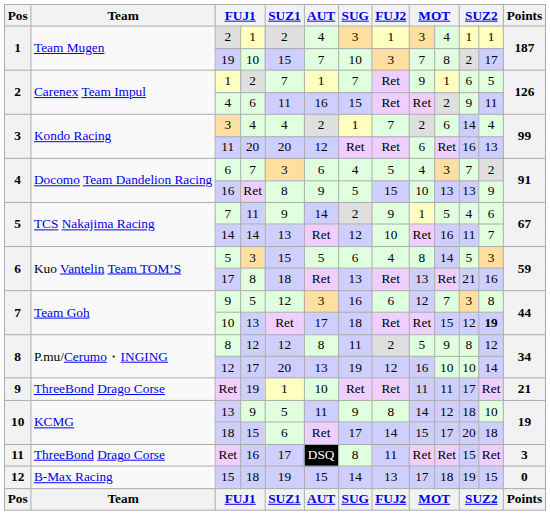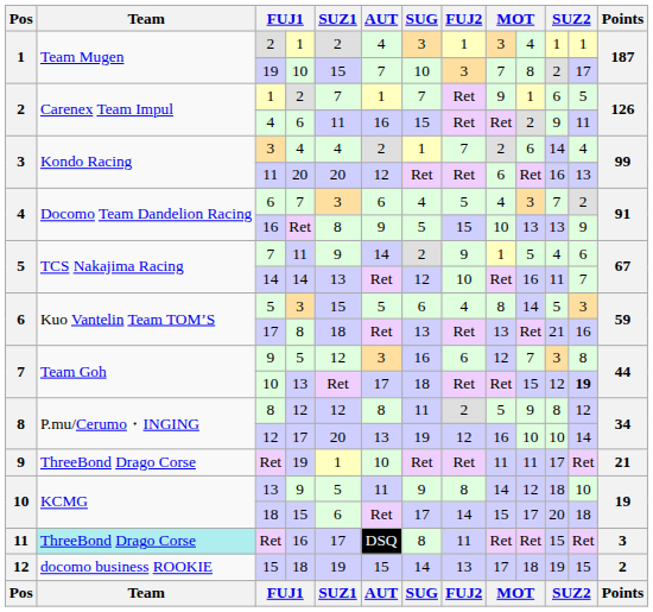 <table class="wikitable" style="font-size:85%; text-align:center">
 <tr>
 <th valign="middle">Pos</th>
 <th valign="middle">Team</th>
 <th colspan="2"><a href='#'>FUJ1</a></th>
 <th><a href='#'>SUZ1</a></th>
 <th><a href='#'>AUT</a></th>
 <th><a href='#'>SUG</a></th>
 <th><a href='#'>FUJ2</a></th>
 <th colspan="2"><a href='#'>MOT</a></th>
 <th colspan="2"><a href='#'>SUZ2</a></th>
 <th valign="middle">Points</th>
 </tr>
 <tr>
 <th rowspan="2">1</th>
 <td rowspan="2" align="left"> <a href='#'>Team Mugen</a></td>
 <td bgcolor="#DFDFDF">2</td>
 <td bgcolor="#FFFFBF">1</td>
 <td bgcolor="#DFDFDF">2</td>
 <td bgcolor="#DFFFDF">4</td>
 <td bgcolor="#FFDF9F">3</td>
 <td bgcolor="#FFFFBF">1</td>
 <td bgcolor="#FFDF9F">3</td>
 <td bgcolor="#DFFFDF">4</td>
 <td bgcolor="#FFFFBF">1</td>
 <td bgcolor="#FFFFBF">1</td>
 <th rowspan="2">187</th>
 </tr>
 <tr>
 <td bgcolor="#CFCFFF">19</td>
 <td bgcolor="#DFFFDF">10</td>
 <td bgcolor="#CFCFFF">15</td>
 <td bgcolor="#DFFFDF">7</td>
 <td bgcolor="#DFFFDF">10</td>
 <td bgcolor="#FFDF9F">3</td>
 <td bgcolor="#DFFFDF">7</td>
 <td bgcolor="#DFFFDF">8</td>
 <td bgcolor="#DFDFDF">2</td>
 <td bgcolor="#CFCFFF">17</td>
 </tr>
 <tr>
 <th rowspan="2">2</th>
 <td rowspan="2" align="left"> <a href='#'>Carenex</a> <a href='#'>Team Impul</a></td>
 <td bgcolor="#FFFFBF">1</td>
 <td bgcolor="#DFDFDF">2</td>
 <td bgcolor="#DFFFDF">7</td>
 <td bgcolor="#FFFFBF">1</td>
 <td bgcolor="#DFFFDF">7</td>
 <td bgcolor="#EFCFFF">Ret</td>
 <td bgcolor="#DFFFDF">9</td>
 <td bgcolor="#FFFFBF">1</td>
 <td bgcolor="#DFFFDF">6</td>
 <td bgcolor="#DFFFDF">5</td>
 <th rowspan="2">126</th>
 </tr>
 <tr>
 <td bgcolor="#DFFFDF">4</td>
 <td bgcolor="#DFFFDF">6</td>
 <td bgcolor="#CFCFFF">11</td>
 <td bgcolor="#CFCFFF">16</td>
 <td bgcolor="#CFCFFF">15</td>
 <td bgcolor="#EFCFFF">Ret</td>
 <td bgcolor="#EFCFFF">Ret</td>
 <td bgcolor="#DFDFDF">2</td>
 <td bgcolor="#DFFFDF">9</td>
 <td bgcolor="#CFCFFF">11</td>
 </tr>
 <tr>
 <th rowspan="2">3</th>
 <td rowspan="2" align="left"> <a href='#'>Kondo Racing</a></td>
 <td bgcolor="#FFDF9F">3</td>
 <td bgcolor="#DFFFDF">4</td>
 <td bgcolor="#DFFFDF">4</td>
 <td bgcolor="#DFDFDF">2</td>
 <td bgcolor="#FFFFBF">1</td>
 <td bgcolor="#DFFFDF">7</td>
 <td bgcolor="#DFDFDF">2</td>
 <td bgcolor="#DFFFDF">6</td>
 <td bgcolor="#CFCFFF">14</td>
 <td bgcolor="#DFFFDF">4</td>
 <th rowspan="2">99</th>
 </tr>
 <tr>
 <td bgcolor="#CFCFFF">11</td>
 <td bgcolor="#CFCFFF">20</td>
 <td bgcolor="#CFCFFF">20</td>
 <td bgcolor="#CFCFFF">12</td>
 <td bgcolor="#EFCFFF">Ret</td>
 <td bgcolor="#EFCFFF">Ret</td>
 <td bgcolor="#DFFFDF">6</td>
 <td bgcolor="#EFCFFF">Ret</td>
 <td bgcolor="#CFCFFF">16</td>
 <td bgcolor="#CFCFFF">13</td>
 </tr>
 <tr>
 <th rowspan="2">4</th>
 <td rowspan="2" align="left"> <a href='#'>Docomo</a> <a href='#'>Team Dandelion Racing</a></td>
 <td bgcolor="#DFFFDF">6</td>
 <td bgcolor="#DFFFDF">7</td>
 <td bgcolor="#FFDF9F">3</td>
 <td bgcolor="#DFFFDF">6</td>
 <td bgcolor="#DFFFDF">4</td>
 <td bgcolor="#DFFFDF">5</td>
 <td bgcolor="#DFFFDF">4</td>
 <td bgcolor="#FFDF9F">3</td>
 <td bgcolor="#DFFFDF">7</td>
 <td bgcolor="#DFDFDF">2</td>
 <th rowspan="2">91</th>
 </tr>
 <tr>
 <td bgcolor="#CFCFFF">16</td>
 <td bgcolor="#EFCFFF">Ret</td>
 <td bgcolor="#DFFFDF">8</td>
 <td bgcolor="#DFFFDF">9</td>
 <td bgcolor="#DFFFDF">5</td>
 <td bgcolor="#CFCFFF">15</td>
 <td bgcolor="#DFFFDF">10</td>
 <td bgcolor="#CFCFFF">13</td>
 <td bgcolor="#CFCFFF">13</td>
 <td bgcolor="#DFFFDF">9</td>
 </tr>
 <tr>
 <th rowspan="2">5</th>
 <td rowspan="2" align="left"> <a href='#'>TCS</a> <a href='#'>Nakajima Racing</a></td>
 <td bgcolor="#DFFFDF">7</td>
 <td bgcolor="#CFCFFF">11</td>
 <td bgcolor="#DFFFDF">9</td>
 <td bgcolor="#CFCFFF">14</td>
 <td bgcolor="#DFDFDF">2</td>
 <td bgcolor="#DFFFDF">9</td>
 <td bgcolor="#FFFFBF">1</td>
 <td bgcolor="#DFFFDF">5</td>
 <td bgcolor="#DFFFDF">4</td>
 <td bgcolor="#DFFFDF">6</td>
 <th rowspan="2">67</th>
 </tr>
 <tr>
 <td bgcolor="#CFCFFF">14</td>
 <td bgcolor="#CFCFFF">14</td>
 <td bgcolor="#CFCFFF">13</td>
 <td bgcolor="#EFCFFF">Ret</td>
 <td bgcolor="#CFCFFF">12</td>
 <td bgcolor="#DFFFDF">10</td>
 <td bgcolor="#EFCFFF">Ret</td>
 <td bgcolor="#CFCFFF">16</td>
 <td bgcolor="#CFCFFF">11</td>
 <td bgcolor="#DFFFDF">7</td>
 </tr>
 <tr>
 <th rowspan="2">6</th>
 <td rowspan="2" align="left"> Kuo <a href='#'>Vantelin</a> <a href='#'>Team TOM’S</a></td>
 <td bgcolor="#DFFFDF">5</td>
 <td bgcolor="#FFDF9F">3</td>
 <td bgcolor="#CFCFFF">15</td>
 <td bgcolor="#DFFFDF">5</td>
 <td bgcolor="#DFFFDF">6</td>
 <td bgcolor="#DFFFDF">4</td>
 <td bgcolor="#DFFFDF">8</td>
 <td bgcolor="#CFCFFF">14</td>
 <td bgcolor="#DFFFDF">5</td>
 <td bgcolor="#FFDF9F">3</td>
 <th rowspan="2">59</th>
 </tr>
 <tr>
 <td bgcolor="#CFCFFF">17</td>
 <td bgcolor="#DFFFDF">8</td>
 <td bgcolor="#CFCFFF">18</td>
 <td bgcolor="#EFCFFF">Ret</td>
 <td bgcolor="#CFCFFF">13</td>
 <td bgcolor="#EFCFFF">Ret</td>
 <td bgcolor="#CFCFFF">13</td>
 <td bgcolor="#EFCFFF">Ret</td>
 <td bgcolor="#CFCFFF">21</td>
 <td bgcolor="#CFCFFF">16</td>
 </tr>
 <tr>
 <th rowspan="2">7</th>
 <td rowspan="2" align="left"> <a href='#'>Team Goh</a></td>
 <td bgcolor="#DFFFDF">9</td>
 <td bgcolor="#DFFFDF">5</td>
 <td bgcolor="#DFFFDF">12</td>
 <td bgcolor="#FFDF9F">3</td>
 <td bgcolor="#CFCFFF">16</td>
 <td bgcolor="#DFFFDF">6</td>
 <td bgcolor="#CFCFFF">12</td>
 <td bgcolor="#DFFFDF">7</td>
 <td bgcolor="#FFDF9F">3</td>
 <td bgcolor="#DFFFDF">8</td>
 <th rowspan="2">44</th>
 </tr>
 <tr>
 <td bgcolor="#DFFFDF">10</td>
 <td bgcolor="#CFCFFF">13</td>
 <td bgcolor="#EFCFFF">Ret</td>
 <td bgcolor="#CFCFFF">17</td>
 <td bgcolor="#CFCFFF">18</td>
 <td bgcolor="#EFCFFF">Ret</td>
 <td bgcolor="#EFCFFF">Ret</td>
 <td bgcolor="#CFCFFF">15</td>
 <td bgcolor="#CFCFFF">12</td>
 <td bgcolor="#CFCFFF"><strong>19</strong></td>
 </tr>
 <tr>
 <th rowspan="2">8</th>
 <td rowspan="2" align=left> P.mu/<a href='#'>Cerumo</a>・<a href='#'>INGING</a></td>
 <td bgcolor="#DFFFDF">8</td>
 <td bgcolor="#CFCFFF">12</td>
 <td bgcolor="#CFCFFF">12</td>
 <td bgcolor="#DFFFDF">8</td>
 <td bgcolor="#CFCFFF">11</td>
 <td bgcolor="#DFDFDF">2</td>
 <td bgcolor="#DFFFDF">5</td>
 <td bgcolor="#DFFFDF">9</td>
 <td bgcolor="#DFFFDF">8</td>
 <td bgcolor="#CFCFFF">12</td>
 <th rowspan="2">34</th>
 </tr>
 <tr>
 <td bgcolor="#CFCFFF">12</td>
 <td bgcolor="#CFCFFF">17</td>
 <td bgcolor="#CFCFFF">20</td>
 <td bgcolor="#CFCFFF">13</td>
 <td bgcolor="#CFCFFF">19</td>
 <td bgcolor="#CFCFFF">12</td>
 <td bgcolor="#CFCFFF">16</td>
 <td bgcolor="#DFFFDF">10</td>
 <td bgcolor="#DFFFDF">10</td>
 <td bgcolor="#CFCFFF">14</td>
 </tr>
 <tr>
 <th>9</th>
 <td align="left"> <a href='#'>ThreeBond</a> <a href='#'>Drago Corse</a></td>
 <td bgcolor="#EFCFFF">Ret</td>
 <td bgcolor="#CFCFFF">19</td>
 <td bgcolor="#FFFFBF">1</td>
 <td bgcolor="#DFFFDF">10</td>
 <td bgcolor="#EFCFFF">Ret</td>
 <td bgcolor="#EFCFFF">Ret</td>
 <td bgcolor="#CFCFFF">11</td>
 <td bgcolor="#CFCFFF">11</td>
 <td bgcolor="#CFCFFF">17</td>
 <td bgcolor="#EFCFFF">Ret</td>
 <th>21</th>
 </tr>
 <tr>
 <th rowspan="2">10</th>
 <td rowspan="2" align="left"> <a href='#'>KCMG</a></td>
 <td bgcolor="#CFCFFF">13</td>
 <td bgcolor="#DFFFDF">9</td>
 <td bgcolor="#DFFFDF">5</td>
 <td bgcolor="#CFCFFF">11</td>
 <td bgcolor="#DFFFDF">9</td>
 <td bgcolor="#DFFFDF">8</td>
 <td bgcolor="#CFCFFF">14</td>
 <td bgcolor="#CFCFFF">12</td>
 <td bgcolor="#CFCFFF">18</td>
 <td bgcolor="#DFFFDF">10</td>
 <th rowspan="2">19</th>
 </tr>
 <tr>
 <td bgcolor="#CFCFFF">18</td>
 <td bgcolor="#CFCFFF">15</td>
 <td bgcolor="#DFFFDF">6</td>
 <td bgcolor="#EFCFFF">Ret</td>
 <td bgcolor="#CFCFFF">17</td>
 <td bgcolor="#CFCFFF">14</td>
 <td bgcolor="#CFCFFF">15</td>
 <td bgcolor="#CFCFFF">17</td>
 <td bgcolor="#CFCFFF">20</td>
 <td bgcolor="#CFCFFF">18</td>
 </tr>
 <tr>
 <th>11</th>
-<td align="left"> <a href='#'>ThreeBond</a> <a href='#'>Drago Corse</a></td>
+<td align="left" style="background: paleturquoise;"> <a href='#'>ThreeBond</a> <a href='#'>Drago Corse</a></td>
 <td bgcolor="#EFCFFF">Ret</td>
 <td bgcolor="#CFCFFF">16</td>
 <td bgcolor="#CFCFFF">17</td>
 <td style="background:#000000; color:white;">DSQ</td>
 <td bgcolor="#DFFFDF">8</td>
 <td bgcolor="#CFCFFF">11</td>
 <td bgcolor="#EFCFFF">Ret</td>
 <td bgcolor="#EFCFFF">Ret</td>
 <td bgcolor="#CFCFFF">15</td>
 <td bgcolor="#EFCFFF">Ret</td>
 <th>3</th>
 </tr>
 <tr>
 <th>12</th>
-<td align="left"> <a href='#'>B-Max Racing</a></td>
+<td align="left"> <a href='#'>docomo business</a> <a href='#'>ROOKIE</a></td>
 <td bgcolor="#CFCFFF">15</td>
 <td bgcolor="#CFCFFF">18</td>
 <td bgcolor="#CFCFFF">19</td>
 <td bgcolor="#CFCFFF">15</td>
 <td bgcolor="#CFCFFF">14</td>
 <td bgcolor="#CFCFFF">13</td>
 <td bgcolor="#CFCFFF">17</td>
 <td bgcolor="#CFCFFF">18</td>
 <td bgcolor="#CFCFFF">19</td>
 <td bgcolor="#CFCFFF">15</td>
-<th>0</th>
+<th>2</th>
 </tr>
 <tr>
 <th>Pos</th>
 <th>Team</th>
 <th colspan="2"><a href='#'>FUJ1</a></th>
 <th><a href='#'>SUZ1</a></th>
 <th><a href='#'>AUT</a></th>
 <th><a href='#'>SUG</a></th>
 <th><a href='#'>FUJ2</a></th>
 <th colspan="2"><a href='#'>MOT</a></th>
 <th colspan="2"><a href='#'>SUZ2</a></th>
 <th>Points</th>
 </tr>
 </table>
